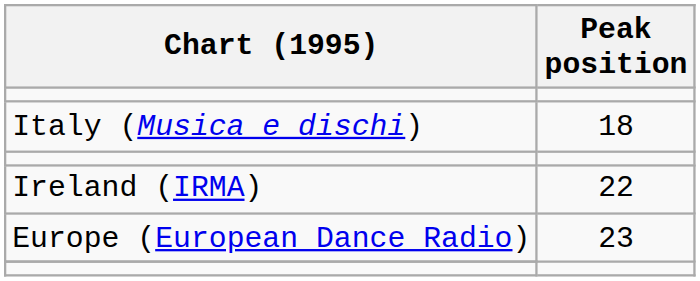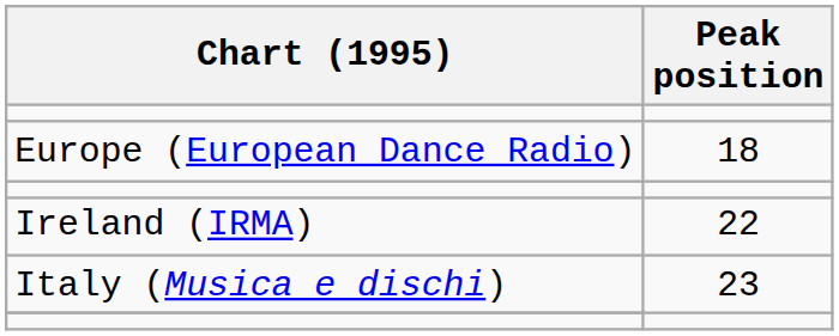 <table class="wikitable sortable">
 <tr>
 <th align="left">Chart (1995)</th>
 <th align="left">Peak<br>position</th>
 </tr>
 <tr>
 <td></td>
 </tr>
 <tr>
-<td>Italy (<em><a href='#'>Musica e dischi</a></em>)</td>
+<td>Europe (<a href='#'>European Dance Radio</a>)</td>
 <td style="text-align:center;">18</td>
 </tr>
 <tr>
 <td></td>
 </tr>
 <tr>
 <td>Ireland (<a href='#'>IRMA</a>)</td>
 <td style="text-align:center;">22</td>
 </tr>
 <tr>
-<td>Europe (<a href='#'>European Dance Radio</a>)</td>
+<td>Italy (<em><a href='#'>Musica e dischi</a></em>)</td>
 <td style="text-align:center;">23</td>
 </tr>
 <tr>
 </tr>
 <tr>
 </tr>
 <tr>
 </tr>
 <tr>
 <td></td>
 </tr>
 </table>
